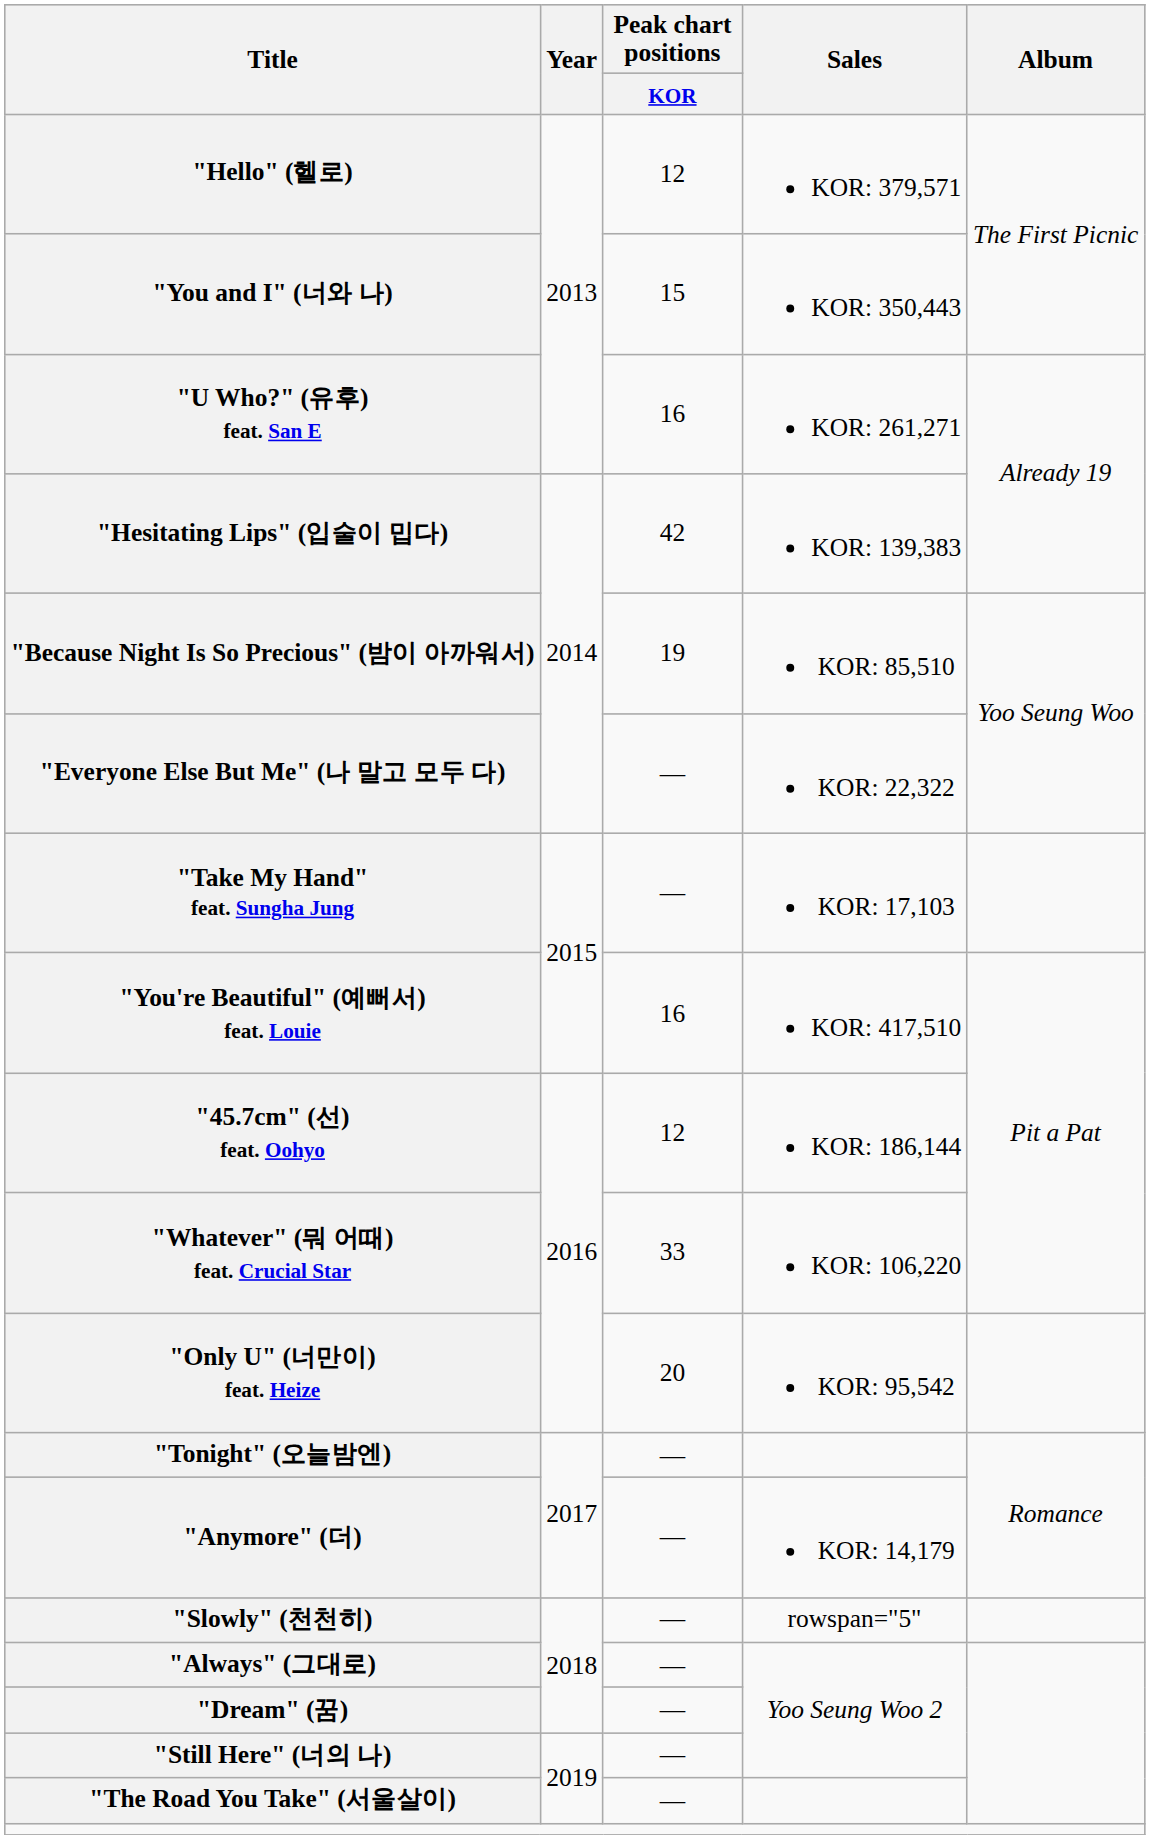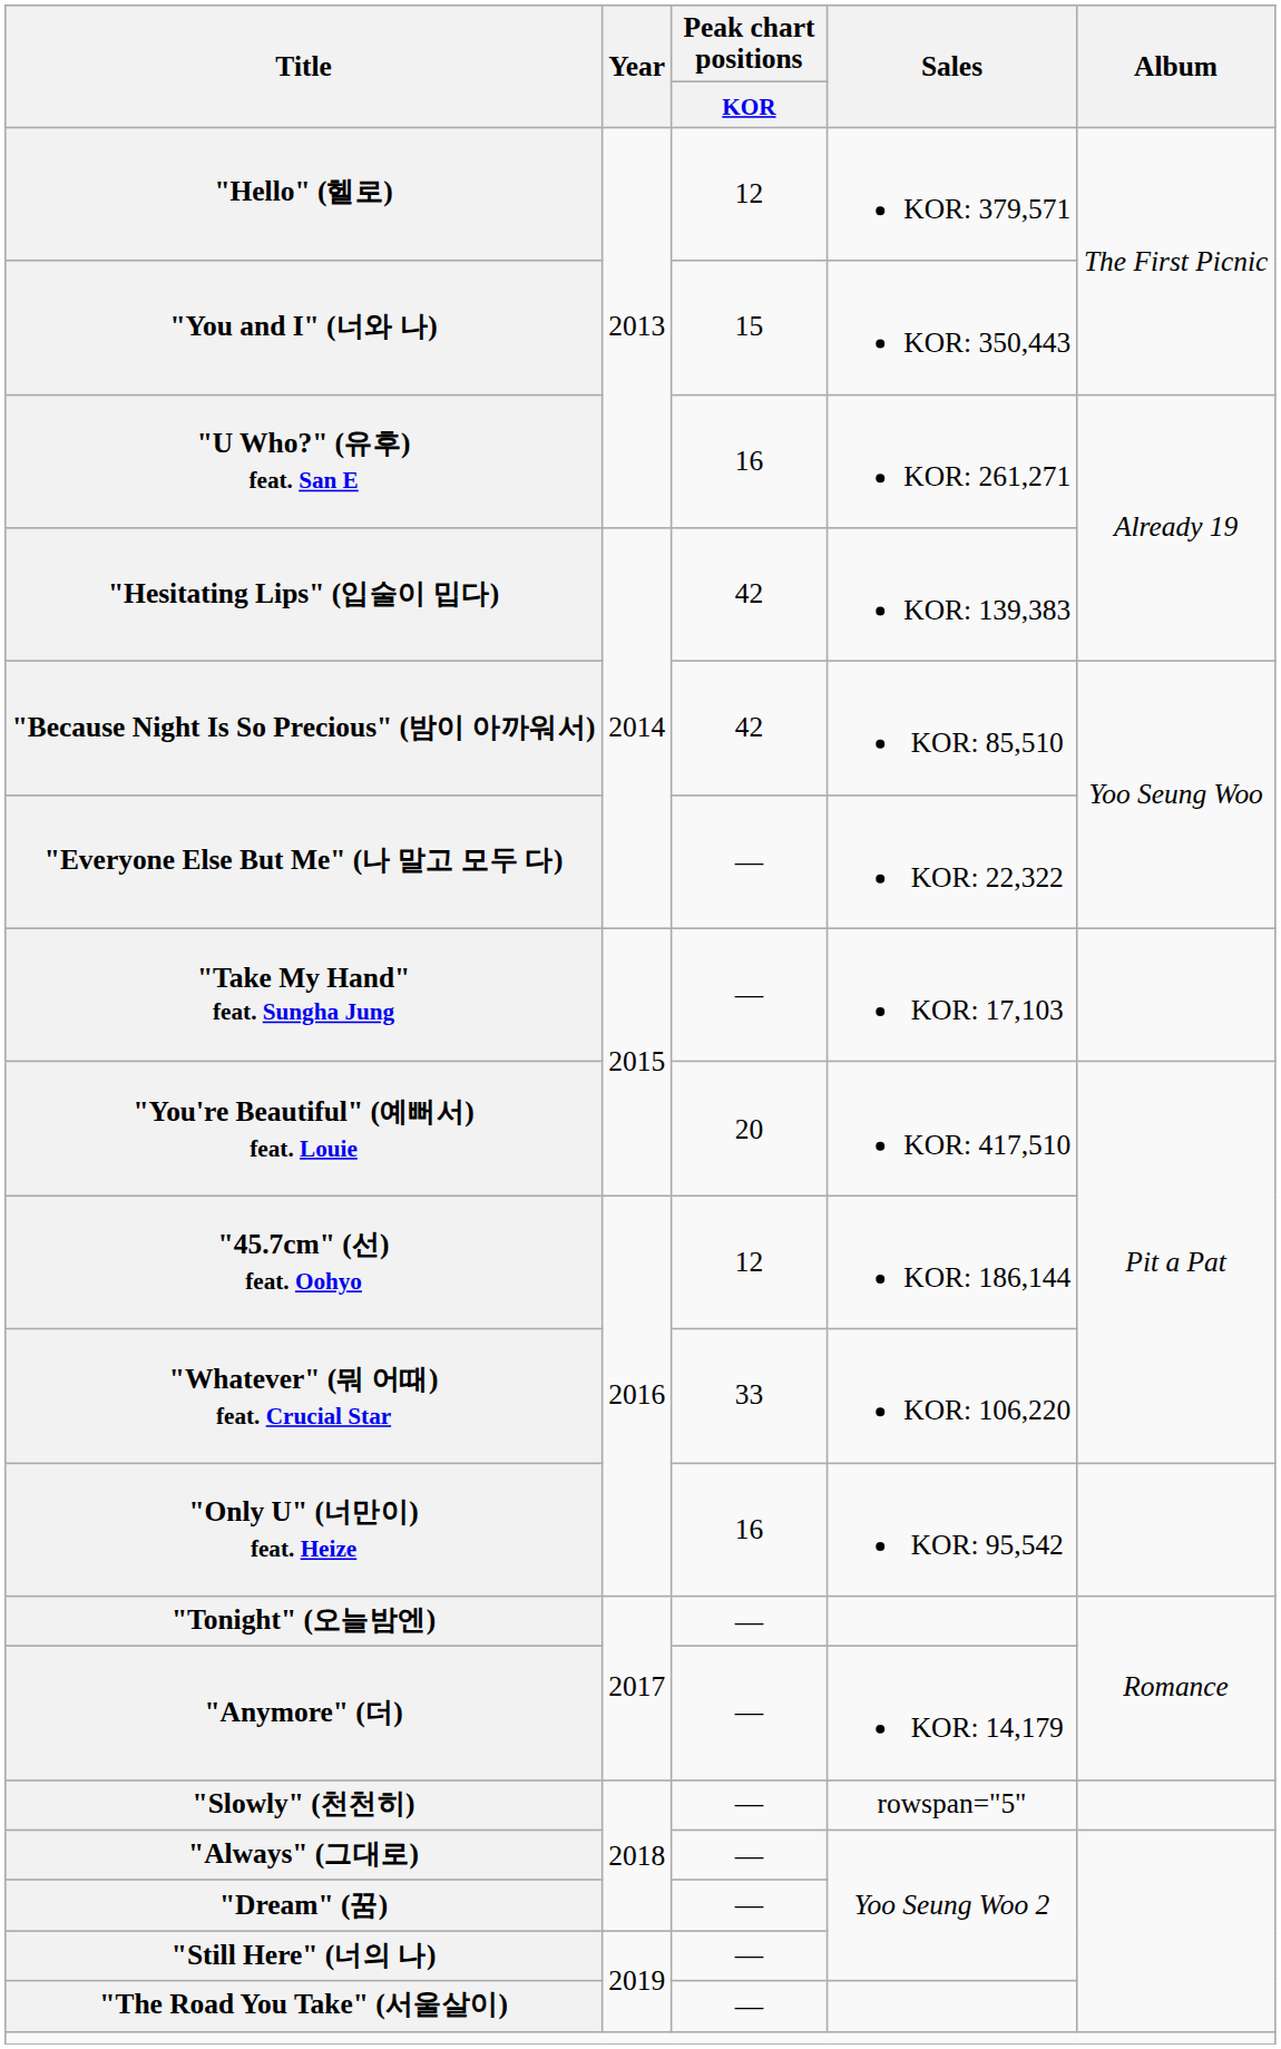 <table class="wikitable plainrowheaders" style="text-align:center">
 <tr>
 <th rowspan="2" scope="col">Title</th>
 <th rowspan="2" scope="col">Year</th>
 <th colspan="1" scope="col" style="width:5em;">Peak chart positions</th>
 <th rowspan="2" scope="col">Sales</th>
 <th rowspan="2" scope="col">Album</th>
 </tr>
 <tr>
 <th><small><a href='#'>KOR</a></small><br></th>
 </tr>
 <tr>
 <th scope="row">"Hello" (헬로)</th>
 <td rowspan="3">2013</td>
 <td>12</td>
 <td><br><ul><li>KOR: 379,571</li></ul></td>
 <td rowspan="2"><em>The First Picnic</em></td>
 </tr>
 <tr>
 <th scope="row">"You and I" (너와 나)</th>
 <td>15</td>
 <td><br><ul><li>KOR: 350,443</li></ul></td>
 </tr>
 <tr>
 <th scope="row">"U Who?" (유후)<br><small>feat. <a href='#'>San E</a></small></th>
 <td>16</td>
 <td><br><ul><li>KOR: 261,271</li></ul></td>
 <td rowspan="2"><em> Already 19</em></td>
 </tr>
 <tr>
 <th scope="row">"Hesitating Lips" (입술이 밉다)</th>
 <td rowspan="3">2014</td>
 <td>42</td>
 <td><br><ul><li>KOR: 139,383</li></ul></td>
 </tr>
 <tr>
 <th scope="row">"Because Night Is So Precious" (밤이 아까워서)</th>
-<td>19</td>
+<td>42</td>
 <td><br><ul><li>KOR: 85,510</li></ul></td>
 <td rowspan="2"><em>Yoo Seung Woo</em></td>
 </tr>
 <tr>
 <th scope="row">"Everyone Else But Me" (나 말고 모두 다)</th>
 <td>—</td>
 <td><br><ul><li>KOR: 22,322</li></ul></td>
 </tr>
 <tr>
 <th scope="row">"Take My Hand"<br><small>feat. <a href='#'>Sungha Jung</a></small></th>
 <td rowspan="2">2015</td>
 <td>—</td>
 <td><br><ul><li>KOR: 17,103</li></ul></td>
 <td></td>
 </tr>
 <tr>
 <th scope="row">"You're Beautiful" (예뻐서)<br><small>feat. <a href='#'>Louie</a></small></th>
-<td>16</td>
+<td>20</td>
 <td><br><ul><li>KOR: 417,510</li></ul></td>
 <td rowspan="3"><em>Pit a Pat</em></td>
 </tr>
 <tr>
 <th scope="row">"45.7cm" (선) <br><small>feat. <a href='#'>Oohyo</a></small></th>
 <td rowspan="3">2016</td>
 <td>12</td>
 <td><br><ul><li>KOR: 186,144</li></ul></td>
 </tr>
 <tr>
 <th scope="row">"Whatever" (뭐 어때)<br><small>feat. <a href='#'>Crucial Star</a></small></th>
 <td>33</td>
 <td><br><ul><li>KOR: 106,220</li></ul></td>
 </tr>
 <tr>
 <th scope="row">"Only U" (너만이)<br><small>feat. <a href='#'>Heize</a></small></th>
-<td>20</td>
+<td>16</td>
 <td><br><ul><li>KOR: 95,542</li></ul></td>
 <td></td>
 </tr>
 <tr>
 <th scope="row">"Tonight" (오늘밤엔)</th>
 <td rowspan="2">2017</td>
 <td>—</td>
 <td></td>
 <td rowspan="2"><em>Romance</em></td>
 </tr>
 <tr>
 <th scope="row">"Anymore" (더)</th>
 <td>—</td>
 <td><br><ul><li>KOR: 14,179</li></ul></td>
 </tr>
 <tr>
 <th scope="row">"Slowly" (천천히)</th>
 <td rowspan="3">2018</td>
 <td>—</td>
 <td>rowspan="5" </td>
 <td></td>
 </tr>
 <tr>
 <th scope="row">"Always" (그대로)</th>
 <td>—</td>
 <td rowspan="3"><em>Yoo Seung Woo 2</em></td>
 </tr>
 <tr>
 <th scope="row">"Dream" (꿈)</th>
 <td>—</td>
 </tr>
 <tr>
 <th scope="row">"Still Here" (너의 나)</th>
 <td rowspan="2">2019</td>
 <td>—</td>
 </tr>
 <tr>
 <th scope="row">"The Road You Take" (서울살이)</th>
 <td>—</td>
 <td></td>
 </tr>
 <tr>
 <td colspan="5"></td>
 </tr>
 </table>
